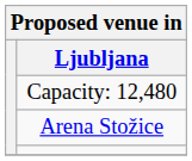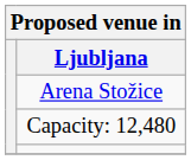 <table class="wikitable" style="text-align:center">
 <tr>
 <th colspan="3">Proposed venue in </th>
 </tr>
 <tr>
 <th rowspan="4" colspan="2"></th>
 <th><a href='#'>Ljubljana</a></th>
 </tr>
 <tr>
-<td>Capacity: 12,480</td>
+<td><a href='#'>Arena Stožice</a></td>
 </tr>
 <tr>
-<td><a href='#'>Arena Stožice</a></td>
+<td>Capacity: 12,480</td>
 </tr>
 <tr>
 <td></td>
 </tr>
 <tr>
 </tr>
 </table>
